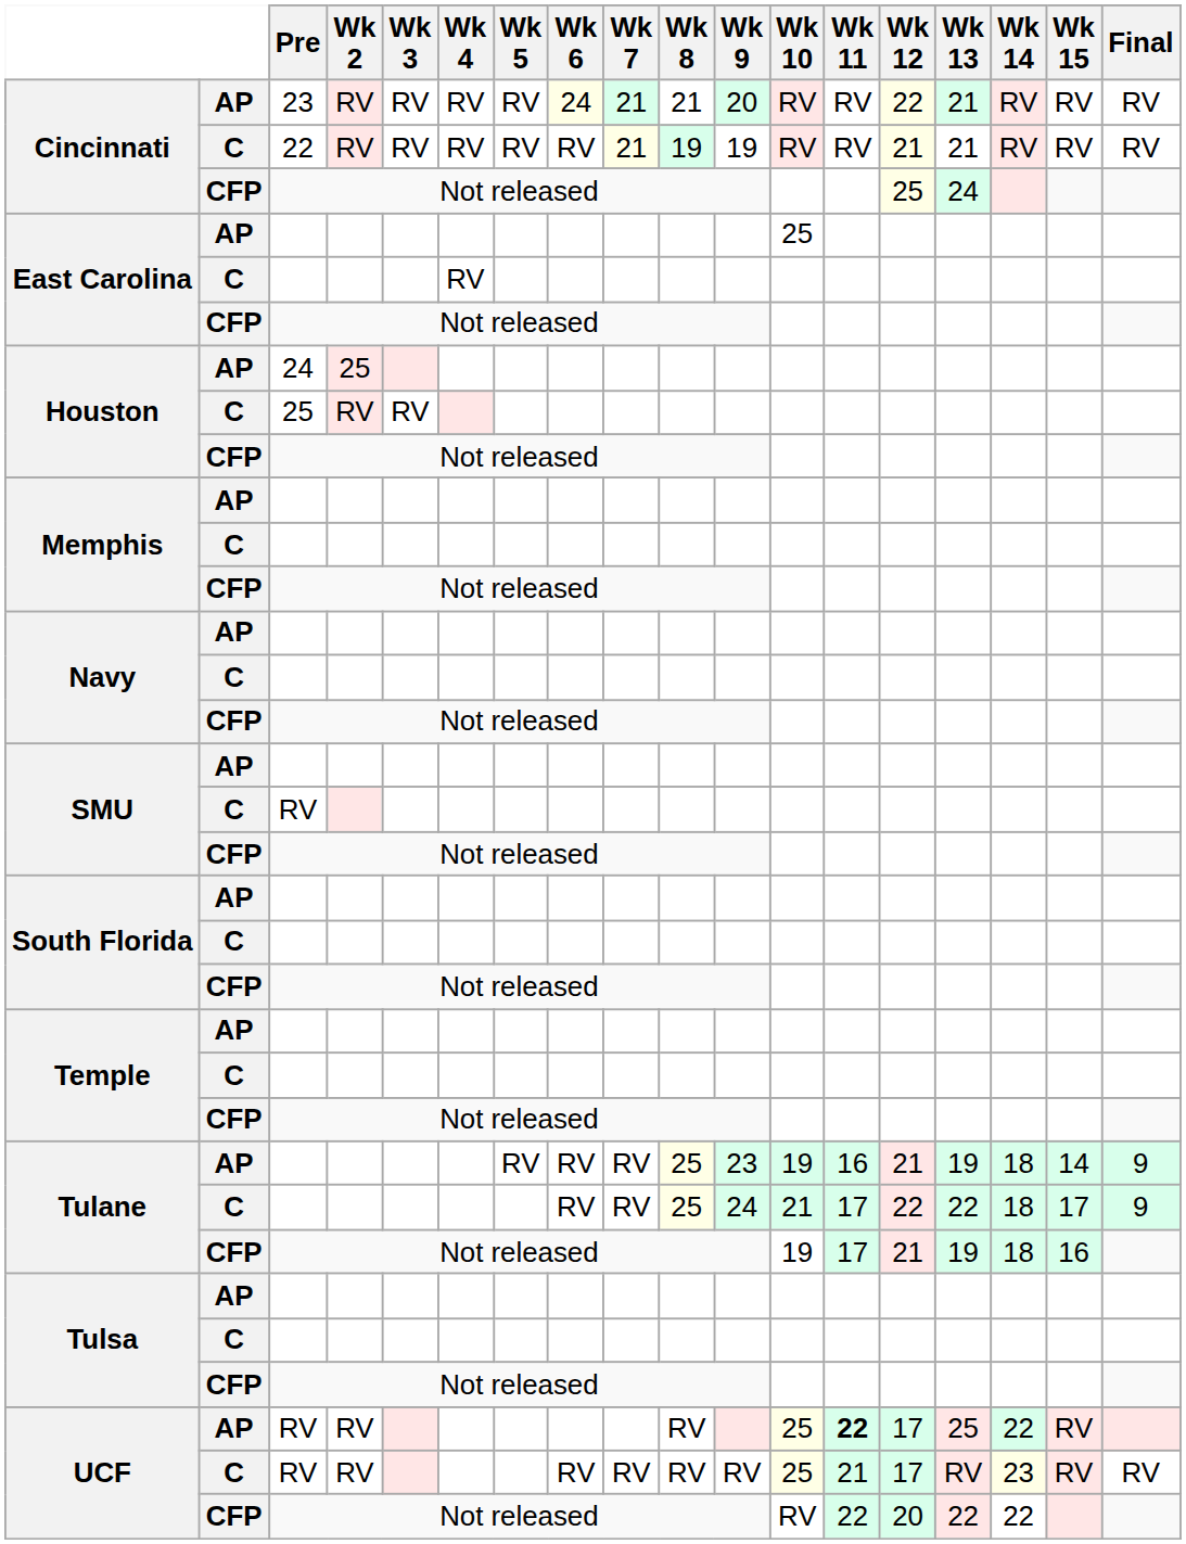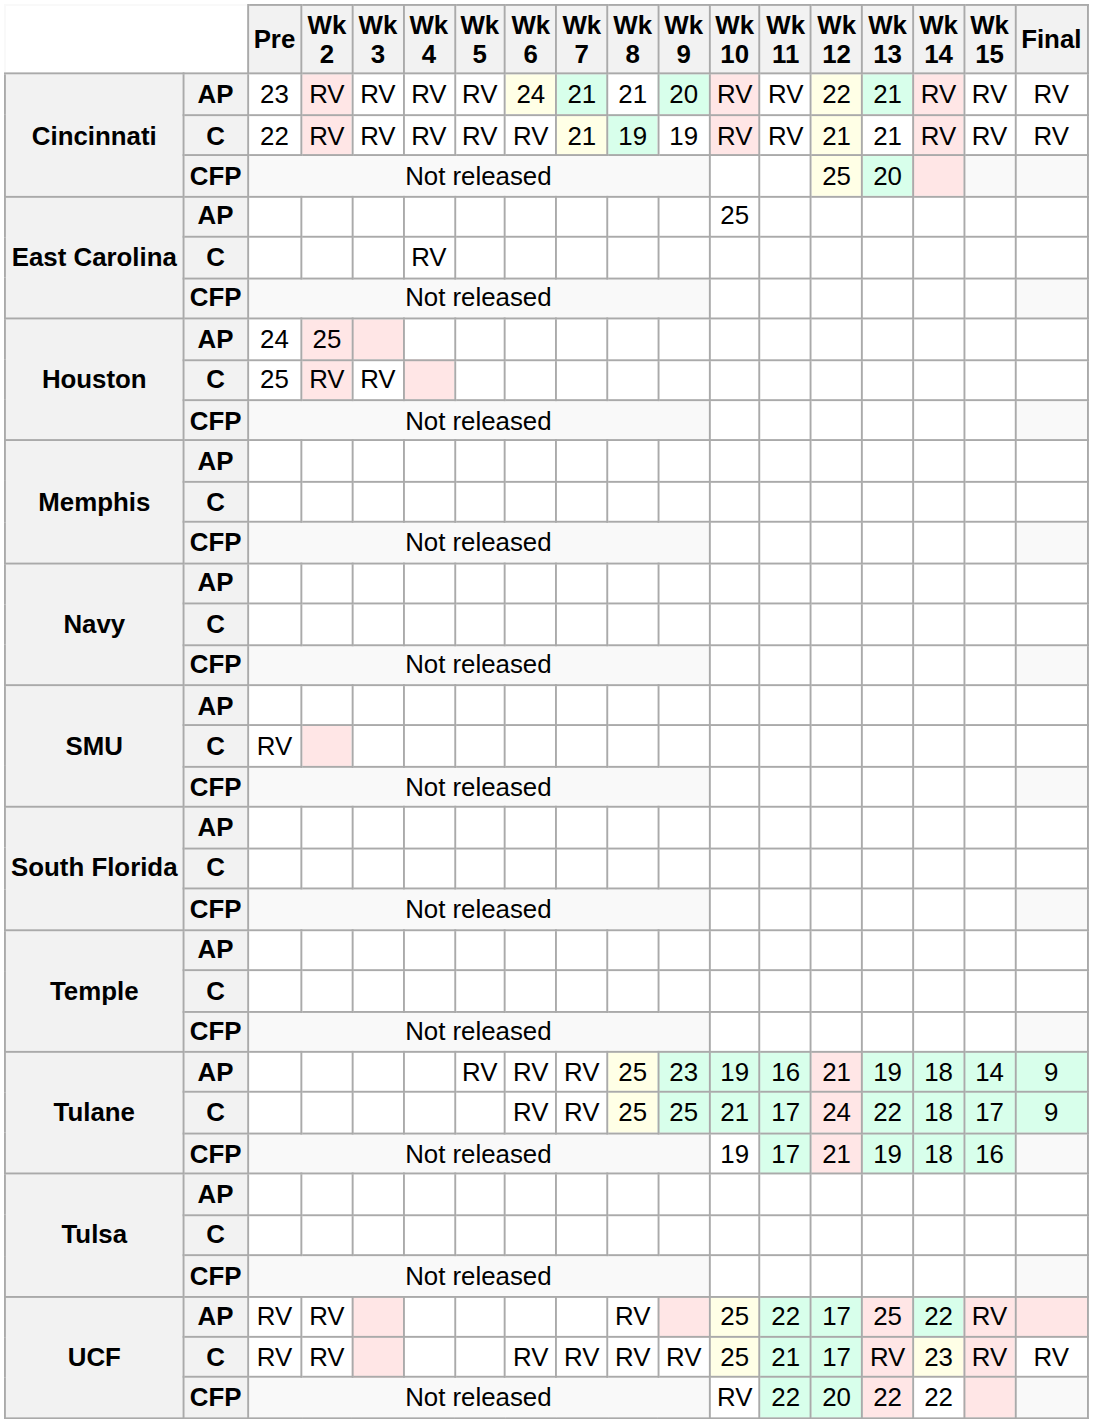 <table class="wikitable" style="white-space:nowrap;font-size:85%;">
 <tr>
 <th colspan=2 style="background:white; border-top-style:hidden; border-left-style:hidden;"> </th>
 <th>Pre</th>
 <th>Wk<br>2</th>
 <th>Wk<br>3</th>
 <th>Wk<br>4</th>
 <th>Wk<br>5</th>
 <th>Wk<br>6</th>
 <th>Wk<br>7</th>
 <th>Wk<br>8</th>
 <th>Wk<br>9</th>
 <th>Wk<br>10</th>
 <th>Wk<br>11</th>
 <th>Wk<br>12</th>
 <th>Wk<br>13</th>
 <th>Wk<br>14</th>
 <th>Wk<br>15</th>
 <th>Final</th>
 </tr>
 <tr style="text-align:center;">
 <th rowspan="3">Cincinnati</th>
 <th>AP</th>
 <td style="background:#FFF;">23</td>
 <td style="background:#ffe6e6;">RV</td>
 <td style="background:#FFF;">RV</td>
 <td style="background:#FFF;">RV</td>
 <td style="background:#FFF;">RV</td>
 <td style="background:#ffffe6;">24</td>
 <td style="background:#d8ffeb;">21</td>
 <td style="background:#FFF;">21</td>
 <td style="background:#d8ffeb;">20</td>
 <td style="background:#ffe6e6;">RV</td>
 <td style="background:#FFF;">RV</td>
 <td style="background:#ffffe6;">22</td>
 <td style="background:#d8ffeb;">21</td>
 <td style="background:#ffe6e6;">RV</td>
 <td style="background:#FFF;">RV</td>
 <td style="background:#FFF;">RV</td>
 </tr>
 <tr style="text-align:center;">
 <th>C</th>
 <td style="background:#FFF;">22</td>
 <td style="background:#ffe6e6;">RV</td>
 <td style="background:#FFF;">RV</td>
 <td style="background:#FFF;">RV</td>
 <td style="background:#FFF;">RV</td>
 <td style="background:#FFF;">RV</td>
 <td style="background:#ffffe6;">21</td>
 <td style="background:#d8ffeb;">19</td>
 <td style="background:#FFF;">19</td>
 <td style="background:#ffe6e6;">RV</td>
 <td style="background:#FFF;">RV</td>
 <td style="background:#ffffe6;">21</td>
 <td style="background:#FFF;">21</td>
 <td style="background:#ffe6e6;">RV</td>
 <td style="background:#FFF;">RV</td>
 <td style="background:#FFF;">RV</td>
 </tr>
 <tr style="text-align:center;">
 <th>CFP</th>
 <td colspan="9" style="text-align:center;">Not released</td>
 <td style="background:#FFF;"></td>
 <td style="background:#FFF;"></td>
 <td style="background:#ffffe6;">25</td>
-<td style="background:#d8ffeb;">24</td>
+<td style="background:#d8ffeb;">20</td>
 <td style="background:#ffe6e6;"></td>
 <td style="text-align:center;"></td>
 </tr>
 <tr style="text-align:center;">
 <th rowspan="3">East Carolina</th>
 <th>AP</th>
 <td style="background:#FFF;"></td>
 <td style="background:#FFF;"></td>
 <td style="background:#FFF;"></td>
 <td style="background:#FFF;"></td>
 <td style="background:#FFF;"></td>
 <td style="background:#FFF;"></td>
 <td style="background:#FFF;"></td>
 <td style="background:#FFF;"></td>
 <td style="background:#FFF;"></td>
 <td style="background:#FFF;">25</td>
 <td style="background:#FFF;"></td>
 <td style="background:#FFF;"></td>
 <td style="background:#FFF;"></td>
 <td style="background:#FFF;"></td>
 <td style="background:#FFF;"></td>
 <td style="background:#FFF;"></td>
 </tr>
 <tr style="text-align:center;">
 <th>C</th>
 <td style="background:#FFF;"></td>
 <td style="background:#FFF;"></td>
 <td style="background:#FFF;"></td>
 <td style="background:#FFF;">RV</td>
 <td style="background:#FFF;"></td>
 <td style="background:#FFF;"></td>
 <td style="background:#FFF;"></td>
 <td style="background:#FFF;"></td>
 <td style="background:#FFF;"></td>
 <td style="background:#FFF;"></td>
 <td style="background:#FFF;"></td>
 <td style="background:#FFF;"></td>
 <td style="background:#FFF;"></td>
 <td style="background:#FFF;"></td>
 <td style="background:#FFF;"></td>
 <td style="background:#FFF;"></td>
 </tr>
 <tr style="text-align:center;">
 <th>CFP</th>
 <td colspan="9" style="text-align:center;">Not released</td>
 <td style="background:#FFF;"></td>
 <td style="background:#FFF;"></td>
 <td style="background:#FFF;"></td>
 <td style="background:#FFF;"></td>
 <td style="background:#FFF;"></td>
 <td style="background:#FFF;"></td>
 <td style="text-align:center;"></td>
 </tr>
 <tr style="text-align:center;">
 <th rowspan="3">Houston</th>
 <th>AP</th>
 <td style="background:#FFF;">24</td>
 <td style="background:#ffe6e6;">25</td>
 <td style="background:#ffe6e6;"></td>
 <td style="background:#FFF;"></td>
 <td style="background:#FFF;"></td>
 <td style="background:#FFF;"></td>
 <td style="background:#FFF;"></td>
 <td style="background:#FFF;"></td>
 <td style="background:#FFF;"></td>
 <td style="background:#FFF;"></td>
 <td style="background:#FFF;"></td>
 <td style="background:#FFF;"></td>
 <td style="background:#FFF;"></td>
 <td style="background:#FFF;"></td>
 <td style="background:#FFF;"></td>
 <td style="background:#FFF;"></td>
 </tr>
 <tr style="text-align:center;">
 <th>C</th>
 <td style="background:#FFF;">25</td>
 <td style="background:#ffe6e6;">RV</td>
 <td style="background:#FFF;">RV</td>
 <td style="background:#ffe6e6;"></td>
 <td style="background:#FFF;"></td>
 <td style="background:#FFF;"></td>
 <td style="background:#FFF;"></td>
 <td style="background:#FFF;"></td>
 <td style="background:#FFF;"></td>
 <td style="background:#FFF;"></td>
 <td style="background:#FFF;"></td>
 <td style="background:#FFF;"></td>
 <td style="background:#FFF;"></td>
 <td style="background:#FFF;"></td>
 <td style="background:#FFF;"></td>
 <td style="background:#FFF;"></td>
 </tr>
 <tr style="text-align:center;">
 <th>CFP</th>
 <td colspan="9" style="text-align:center;">Not released</td>
 <td style="background:#FFF;"></td>
 <td style="background:#FFF;"></td>
 <td style="background:#FFF;"></td>
 <td style="background:#FFF;"></td>
 <td style="background:#FFF;"></td>
 <td style="background:#FFF;"></td>
 <td style="text-align:center;"></td>
 </tr>
 <tr style="text-align:center;">
 <th rowspan="3">Memphis</th>
 <th>AP</th>
 <td style="background:#FFF;"></td>
 <td style="background:#FFF;"></td>
 <td style="background:#FFF;"></td>
 <td style="background:#FFF;"></td>
 <td style="background:#FFF;"></td>
 <td style="background:#FFF;"></td>
 <td style="background:#FFF;"></td>
 <td style="background:#FFF;"></td>
 <td style="background:#FFF;"></td>
 <td style="background:#FFF;"></td>
 <td style="background:#FFF;"></td>
 <td style="background:#FFF;"></td>
 <td style="background:#FFF;"></td>
 <td style="background:#FFF;"></td>
 <td style="background:#FFF;"></td>
 <td style="background:#FFF;"></td>
 </tr>
 <tr style="text-align:center;">
 <th>C</th>
 <td style="background:#FFF;"></td>
 <td style="background:#FFF;"></td>
 <td style="background:#FFF;"></td>
 <td style="background:#FFF;"></td>
 <td style="background:#FFF;"></td>
 <td style="background:#FFF;"></td>
 <td style="background:#FFF;"></td>
 <td style="background:#FFF;"></td>
 <td style="background:#FFF;"></td>
 <td style="background:#FFF;"></td>
 <td style="background:#FFF;"></td>
 <td style="background:#FFF;"></td>
 <td style="background:#FFF;"></td>
 <td style="background:#FFF;"></td>
 <td style="background:#FFF;"></td>
 <td style="background:#FFF;"></td>
 </tr>
 <tr style="text-align:center;">
 <th>CFP</th>
 <td colspan="9" style="text-align:center;">Not released</td>
 <td style="background:#FFF;"></td>
 <td style="background:#FFF;"></td>
 <td style="background:#FFF;"></td>
 <td style="background:#FFF;"></td>
 <td style="background:#FFF;"></td>
 <td style="background:#FFF;"></td>
 <td style="text-align:center;"></td>
 </tr>
 <tr style="text-align:center;">
 <th rowspan="3">Navy</th>
 <th>AP</th>
 <td style="background:#FFF;"></td>
 <td style="background:#FFF;"></td>
 <td style="background:#FFF;"></td>
 <td style="background:#FFF;"></td>
 <td style="background:#FFF;"></td>
 <td style="background:#FFF;"></td>
 <td style="background:#FFF;"></td>
 <td style="background:#FFF;"></td>
 <td style="background:#FFF;"></td>
 <td style="background:#FFF;"></td>
 <td style="background:#FFF;"></td>
 <td style="background:#FFF;"></td>
 <td style="background:#FFF;"></td>
 <td style="background:#FFF;"></td>
 <td style="background:#FFF;"></td>
 <td style="background:#FFF;"></td>
 </tr>
 <tr style="text-align:center;">
 <th>C</th>
 <td style="background:#FFF;"></td>
 <td style="background:#FFF;"></td>
 <td style="background:#FFF;"></td>
 <td style="background:#FFF;"></td>
 <td style="background:#FFF;"></td>
 <td style="background:#FFF;"></td>
 <td style="background:#FFF;"></td>
 <td style="background:#FFF;"></td>
 <td style="background:#FFF;"></td>
 <td style="background:#FFF;"></td>
 <td style="background:#FFF;"></td>
 <td style="background:#FFF;"></td>
 <td style="background:#FFF;"></td>
 <td style="background:#FFF;"></td>
 <td style="background:#FFF;"></td>
 <td style="background:#FFF;"></td>
 </tr>
 <tr style="text-align:center;">
 <th>CFP</th>
 <td colspan="9" style="text-align:center;">Not released</td>
 <td style="background:#FFF;"></td>
 <td style="background:#FFF;"></td>
 <td style="background:#FFF;"></td>
 <td style="background:#FFF;"></td>
 <td style="background:#FFF;"></td>
 <td style="background:#FFF;"></td>
 <td style="text-align:center;"></td>
 </tr>
 <tr style="text-align:center;">
 <th rowspan="3">SMU</th>
 <th>AP</th>
 <td style="background:#FFF;"></td>
 <td style="background:#FFF;"></td>
 <td style="background:#FFF;"></td>
 <td style="background:#FFF;"></td>
 <td style="background:#FFF;"></td>
 <td style="background:#FFF;"></td>
 <td style="background:#FFF;"></td>
 <td style="background:#FFF;"></td>
 <td style="background:#FFF;"></td>
 <td style="background:#FFF;"></td>
 <td style="background:#FFF;"></td>
 <td style="background:#FFF;"></td>
 <td style="background:#FFF;"></td>
 <td style="background:#FFF;"></td>
 <td style="background:#FFF;"></td>
 <td style="background:#FFF;"></td>
 </tr>
 <tr style="text-align:center;">
 <th>C</th>
 <td style="background:#FFF;">RV</td>
 <td style="background:#ffe6e6;"></td>
 <td style="background:#FFF;"></td>
 <td style="background:#FFF;"></td>
 <td style="background:#FFF;"></td>
 <td style="background:#FFF;"></td>
 <td style="background:#FFF;"></td>
 <td style="background:#FFF;"></td>
 <td style="background:#FFF;"></td>
 <td style="background:#FFF;"></td>
 <td style="background:#FFF;"></td>
 <td style="background:#FFF;"></td>
 <td style="background:#FFF;"></td>
 <td style="background:#FFF;"></td>
 <td style="background:#FFF;"></td>
 <td style="background:#FFF;"></td>
 </tr>
 <tr style="text-align:center;">
 <th>CFP</th>
 <td colspan="9" style="text-align:center;">Not released</td>
 <td style="background:#FFF;"></td>
 <td style="background:#FFF;"></td>
 <td style="background:#FFF;"></td>
 <td style="background:#FFF;"></td>
 <td style="background:#FFF;"></td>
 <td style="background:#FFF;"></td>
 <td style="text-align:center;"></td>
 </tr>
 <tr style="text-align:center;">
 <th rowspan="3">South Florida</th>
 <th>AP</th>
 <td style="background:#FFF;"></td>
 <td style="background:#FFF;"></td>
 <td style="background:#FFF;"></td>
 <td style="background:#FFF;"></td>
 <td style="background:#FFF;"></td>
 <td style="background:#FFF;"></td>
 <td style="background:#FFF;"></td>
 <td style="background:#FFF;"></td>
 <td style="background:#FFF;"></td>
 <td style="background:#FFF;"></td>
 <td style="background:#FFF;"></td>
 <td style="background:#FFF;"></td>
 <td style="background:#FFF;"></td>
 <td style="background:#FFF;"></td>
 <td style="background:#FFF;"></td>
 <td style="background:#FFF;"></td>
 </tr>
 <tr style="text-align:center;">
 <th>C</th>
 <td style="background:#FFF;"></td>
 <td style="background:#FFF;"></td>
 <td style="background:#FFF;"></td>
 <td style="background:#FFF;"></td>
 <td style="background:#FFF;"></td>
 <td style="background:#FFF;"></td>
 <td style="background:#FFF;"></td>
 <td style="background:#FFF;"></td>
 <td style="background:#FFF;"></td>
 <td style="background:#FFF;"></td>
 <td style="background:#FFF;"></td>
 <td style="background:#FFF;"></td>
 <td style="background:#FFF;"></td>
 <td style="background:#FFF;"></td>
 <td style="background:#FFF;"></td>
 <td style="background:#FFF;"></td>
 </tr>
 <tr style="text-align:center;">
 <th>CFP</th>
 <td colspan="9" style="text-align:center;">Not released</td>
 <td style="background:#FFF;"></td>
 <td style="background:#FFF;"></td>
 <td style="background:#FFF;"></td>
 <td style="background:#FFF;"></td>
 <td style="background:#FFF;"></td>
 <td style="background:#FFF;"></td>
 <td style="text-align:center;"></td>
 </tr>
 <tr style="text-align:center;">
 <th rowspan="3">Temple</th>
 <th>AP</th>
 <td style="background:#FFF;"></td>
 <td style="background:#FFF;"></td>
 <td style="background:#FFF;"></td>
 <td style="background:#FFF;"></td>
 <td style="background:#FFF;"></td>
 <td style="background:#FFF;"></td>
 <td style="background:#FFF;"></td>
 <td style="background:#FFF;"></td>
 <td style="background:#FFF;"></td>
 <td style="background:#FFF;"></td>
 <td style="background:#FFF;"></td>
 <td style="background:#FFF;"></td>
 <td style="background:#FFF;"></td>
 <td style="background:#FFF;"></td>
 <td style="background:#FFF;"></td>
 <td style="background:#FFF;"></td>
 </tr>
 <tr style="text-align:center;">
 <th>C</th>
 <td style="background:#FFF;"></td>
 <td style="background:#FFF;"></td>
 <td style="background:#FFF;"></td>
 <td style="background:#FFF;"></td>
 <td style="background:#FFF;"></td>
 <td style="background:#FFF;"></td>
 <td style="background:#FFF;"></td>
 <td style="background:#FFF;"></td>
 <td style="background:#FFF;"></td>
 <td style="background:#FFF;"></td>
 <td style="background:#FFF;"></td>
 <td style="background:#FFF;"></td>
 <td style="background:#FFF;"></td>
 <td style="background:#FFF;"></td>
 <td style="background:#FFF;"></td>
 <td style="background:#FFF;"></td>
 </tr>
 <tr style="text-align:center;">
 <th>CFP</th>
 <td colspan="9" style="text-align:center;">Not released</td>
 <td style="background:#FFF;"></td>
 <td style="background:#FFF;"></td>
 <td style="background:#FFF;"></td>
 <td style="background:#FFF;"></td>
 <td style="background:#FFF;"></td>
 <td style="background:#FFF;"></td>
 <td style="text-align:center;"></td>
 </tr>
 <tr style="text-align:center;">
 <th rowspan="3">Tulane</th>
 <th>AP</th>
 <td style="background:#FFF;"></td>
 <td style="background:#FFF;"></td>
 <td style="background:#FFF;"></td>
 <td style="background:#FFF;"></td>
 <td style="background:#FFF;">RV</td>
 <td style="background:#FFF;">RV</td>
 <td style="background:#FFF;">RV</td>
 <td style="background:#ffffe6;">25</td>
 <td style="background:#d8ffeb;">23</td>
 <td style="background:#d8ffeb;">19</td>
 <td style="background:#d8ffeb;">16</td>
 <td style="background:#ffe6e6;">21</td>
 <td style="background:#d8ffeb;">19</td>
 <td style="background:#d8ffeb;">18</td>
 <td style="background:#d8ffeb;">14</td>
 <td style="background:#d8ffeb;">9</td>
 </tr>
 <tr style="text-align:center;">
 <th>C</th>
 <td style="background:#FFF;"></td>
 <td style="background:#FFF;"></td>
 <td style="background:#FFF;"></td>
 <td style="background:#FFF;"></td>
 <td style="background:#FFF;"></td>
 <td style="background:#FFF;">RV</td>
 <td style="background:#FFF;">RV</td>
 <td style="background:#ffffe6;">25</td>
-<td style="background:#d8ffeb;">24</td>
+<td style="background:#d8ffeb;">25</td>
 <td style="background:#d8ffeb;">21</td>
 <td style="background:#d8ffeb;">17</td>
-<td style="background:#ffe6e6;">22</td>
+<td style="background:#ffe6e6;">24</td>
 <td style="background:#d8ffeb;">22</td>
 <td style="background:#d8ffeb;">18</td>
 <td style="background:#d8ffeb;">17</td>
 <td style="background:#d8ffeb;">9</td>
 </tr>
 <tr style="text-align:center;">
 <th>CFP</th>
 <td colspan="9" style="text-align:center;">Not released</td>
 <td style="background:#FFF;">19</td>
 <td style="background:#d8ffeb;">17</td>
 <td style="background:#ffe6e6;">21</td>
 <td style="background:#d8ffeb;">19</td>
 <td style="background:#d8ffeb;">18</td>
 <td style="background:#d8ffeb;">16</td>
 <td style="text-align:center;"></td>
 </tr>
 <tr style="text-align:center;">
 <th rowspan="3">Tulsa</th>
 <th>AP</th>
 <td style="background:#FFF;"></td>
 <td style="background:#FFF;"></td>
 <td style="background:#FFF;"></td>
 <td style="background:#FFF;"></td>
 <td style="background:#FFF;"></td>
 <td style="background:#FFF;"></td>
 <td style="background:#FFF;"></td>
 <td style="background:#FFF;"></td>
 <td style="background:#FFF;"></td>
 <td style="background:#FFF;"></td>
 <td style="background:#FFF;"></td>
 <td style="background:#FFF;"></td>
 <td style="background:#FFF;"></td>
 <td style="background:#FFF;"></td>
 <td style="background:#FFF;"></td>
 <td style="background:#FFF;"></td>
 </tr>
 <tr style="text-align:center;">
 <th>C</th>
 <td style="background:#FFF;"></td>
 <td style="background:#FFF;"></td>
 <td style="background:#FFF;"></td>
 <td style="background:#FFF;"></td>
 <td style="background:#FFF;"></td>
 <td style="background:#FFF;"></td>
 <td style="background:#FFF;"></td>
 <td style="background:#FFF;"></td>
 <td style="background:#FFF;"></td>
 <td style="background:#FFF;"></td>
 <td style="background:#FFF;"></td>
 <td style="background:#FFF;"></td>
 <td style="background:#FFF;"></td>
 <td style="background:#FFF;"></td>
 <td style="background:#FFF;"></td>
 <td style="background:#FFF;"></td>
 </tr>
 <tr style="text-align:center;">
 <th>CFP</th>
 <td colspan="9" style="text-align:center;">Not released</td>
 <td style="background:#FFF;"></td>
 <td style="background:#FFF;"></td>
 <td style="background:#FFF;"></td>
 <td style="background:#FFF;"></td>
 <td style="background:#FFF;"></td>
 <td style="background:#FFF;"></td>
 <td style="text-align:center;"></td>
 </tr>
 <tr style="text-align:center;">
 <th rowspan="3">UCF</th>
 <th>AP</th>
 <td style="background:#FFF;">RV</td>
 <td style="background:#FFF;">RV</td>
 <td style="background:#ffe6e6;"></td>
 <td style="background:#FFF;"></td>
 <td style="background:#FFF;"></td>
 <td style="background:#FFF;"></td>
 <td style="background:#FFF;"></td>
 <td style="background:#FFF;">RV</td>
 <td style="background:#ffe6e6;"></td>
 <td style="background:#ffffe6;">25</td>
-<td style="background:#d8ffeb;"><strong>22</strong></td>
+<td style="background:#d8ffeb;">22</td>
 <td style="background:#d8ffeb;">17</td>
 <td style="background:#ffe6e6;">25</td>
 <td style="background:#d8ffeb;">22</td>
 <td style="background:#ffe6e6;">RV</td>
 <td style="background:#ffe6e6;"></td>
 </tr>
 <tr style="text-align:center;">
 <th>C</th>
 <td style="background:#FFF;">RV</td>
 <td style="background:#FFF;">RV</td>
 <td style="background:#ffe6e6;"></td>
 <td style="background:#FFF;"></td>
 <td style="background:#FFF;"></td>
 <td style="background:#FFF;">RV</td>
 <td style="background:#FFF;">RV</td>
 <td style="background:#FFF;">RV</td>
 <td style="background:#FFF;">RV</td>
 <td style="background:#ffffe6;">25</td>
 <td style="background:#d8ffeb;">21</td>
 <td style="background:#d8ffeb;">17</td>
 <td style="background:#ffe6e6;">RV</td>
 <td style="background:#ffffe6;">23</td>
 <td style="background:#ffe6e6;">RV</td>
 <td style="background:#FFF;">RV</td>
 </tr>
 <tr style="text-align:center;">
 <th>CFP</th>
 <td colspan="9" style="text-align:center;">Not released</td>
 <td style="background:#FFF;">RV</td>
 <td style="background:#d8ffeb;">22</td>
 <td style="background:#d8ffeb;">20</td>
 <td style="background:#ffe6e6;">22</td>
 <td style="background:#FFF;">22</td>
 <td style="background:#ffe6e6;"></td>
 <td style="text-align:center;"></td>
 </tr>
 <tr style="text-align:center;">
 </tr>
 </table>
